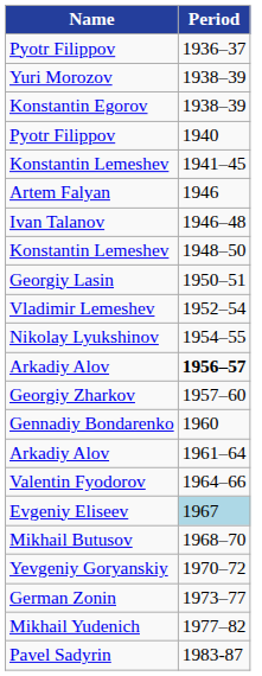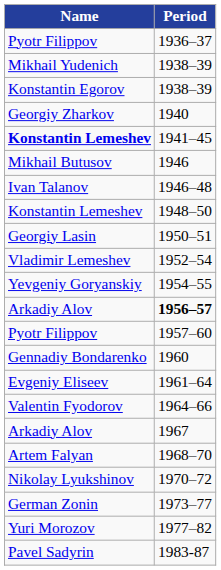 <table class="wikitable">
 <tr>
 <th style="color:#FFFFFF; background:#243e9c;">Name</th>
 <th style="color:#FFFFFF; background:#243e9c;">Period</th>
 </tr>
 <tr>
 <td> <a href='#'>Pyotr Filippov</a></td>
 <td>1936–37</td>
 </tr>
 <tr>
-<td> <a href='#'>Yuri Morozov</a></td>
+<td> <a href='#'>Mikhail Yudenich</a></td>
 <td>1938–39</td>
 </tr>
 <tr>
 <td> <a href='#'>Konstantin Egorov</a></td>
 <td>1938–39</td>
 </tr>
 <tr>
-<td> <a href='#'>Pyotr Filippov</a></td>
+<td> <a href='#'>Georgiy Zharkov</a></td>
 <td>1940</td>
 </tr>
 <tr>
-<td> <a href='#'>Konstantin Lemeshev</a></td>
+<td><strong> <a href='#'>Konstantin Lemeshev</a></strong></td>
 <td>1941–45</td>
 </tr>
 <tr>
-<td> <a href='#'>Artem Falyan</a></td>
+<td> <a href='#'>Mikhail Butusov</a></td>
 <td>1946</td>
 </tr>
 <tr>
 <td> <a href='#'>Ivan Talanov</a></td>
 <td>1946–48</td>
 </tr>
 <tr>
 <td> <a href='#'>Konstantin Lemeshev</a></td>
 <td>1948–50</td>
 </tr>
 <tr>
 <td> <a href='#'>Georgiy Lasin</a></td>
 <td>1950–51</td>
 </tr>
 <tr>
 <td> <a href='#'>Vladimir Lemeshev</a></td>
 <td>1952–54</td>
 </tr>
 <tr>
-<td> <a href='#'>Nikolay Lyukshinov</a></td>
+<td> <a href='#'>Yevgeniy Goryanskiy</a></td>
 <td>1954–55</td>
 </tr>
 <tr>
 <td> <a href='#'>Arkadiy Alov</a></td>
 <td><strong>1956–57</strong></td>
 </tr>
 <tr>
-<td> <a href='#'>Georgiy Zharkov</a></td>
+<td> <a href='#'>Pyotr Filippov</a></td>
 <td>1957–60</td>
 </tr>
 <tr>
 <td> <a href='#'>Gennadiy Bondarenko</a></td>
 <td>1960</td>
 </tr>
 <tr>
-<td> <a href='#'>Arkadiy Alov</a></td>
+<td> <a href='#'>Evgeniy Eliseev</a></td>
 <td>1961–64</td>
 </tr>
 <tr>
 <td> <a href='#'>Valentin Fyodorov</a></td>
 <td>1964–66</td>
 </tr>
 <tr>
-<td> <a href='#'>Evgeniy Eliseev</a></td>
-<td style="background: lightblue;">1967</td>
+<td> <a href='#'>Arkadiy Alov</a></td>
+<td>1967</td>
 </tr>
 <tr>
-<td> <a href='#'>Mikhail Butusov</a></td>
+<td> <a href='#'>Artem Falyan</a></td>
 <td>1968–70</td>
 </tr>
 <tr>
-<td> <a href='#'>Yevgeniy Goryanskiy</a></td>
+<td> <a href='#'>Nikolay Lyukshinov</a></td>
 <td>1970–72</td>
 </tr>
 <tr>
 <td> <a href='#'>German Zonin</a></td>
 <td>1973–77</td>
 </tr>
 <tr>
-<td> <a href='#'>Mikhail Yudenich</a></td>
+<td> <a href='#'>Yuri Morozov</a></td>
 <td>1977–82</td>
 </tr>
 <tr>
 <td> <a href='#'>Pavel Sadyrin</a></td>
 <td>1983-87</td>
 </tr>
 </table>
